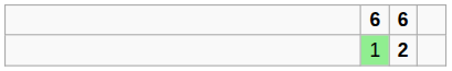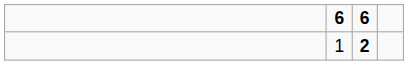 <table class="wikitable">
 <tr>
 <td style="width:18em"><strong></strong></td>
 <td align=center style="width:1em"><strong>6</strong></td>
 <td align=center style="width:1em"><strong>6</strong></td>
 <td align=center style="width:1em"></td>
 </tr>
 <tr>
 <td style="width:18em"></td>
-<td align=center style="background: lightgreen; width:1em">1</td>
+<td align=center style="width:1em">1</td>
 <td align=center style="width:1em"><strong>2</strong></td>
 <td align=center style="width:1em"></td>
 </tr>
 </table>
